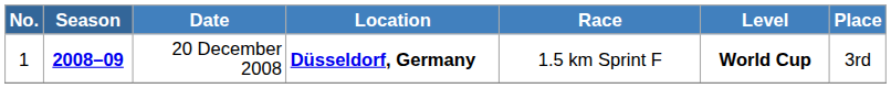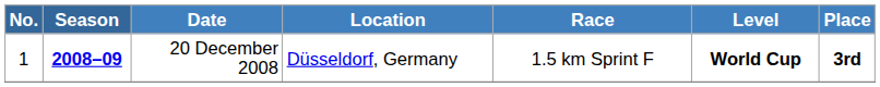 <table class="wikitable sortable" style="font-size:95%; text-align:center; border:grey solid 1px; border-collapse:collapse; background:#ffffff;">
 <tr style="background:#efefef;">
 <th style="background-color:#369; color:white;">No.</th>
 <th style="background-color:#369; color:white;">Season</th>
 <th style="background-color:#4180be; color:white; width:120px;">Date</th>
 <th style="background-color:#4180be; color:white; width:170px;">Location</th>
 <th style="background-color:#4180be; color:white; width:160px;">Race</th>
 <th style="background-color:#4180be; color:white; width:100px;">Level</th>
 <th style="background-color:#4180be; color:white;">Place</th>
 </tr>
 <tr>
 <td align=center>1</td>
 <td rowspan=1 align=center><strong> <a href='#'>2008–09</a> </strong></td>
 <td align=right>20 December 2008</td>
-<td align=left><strong> <a href='#'>Düsseldorf</a>, Germany</strong></td>
+<td align=left> <a href='#'>Düsseldorf</a>, Germany</td>
 <td>1.5 km Sprint F</td>
 <td><strong>World Cup</strong></td>
-<td>3rd</td>
+<td><strong>3rd</strong></td>
 </tr>
 <tr>
 </tr>
 </table>
